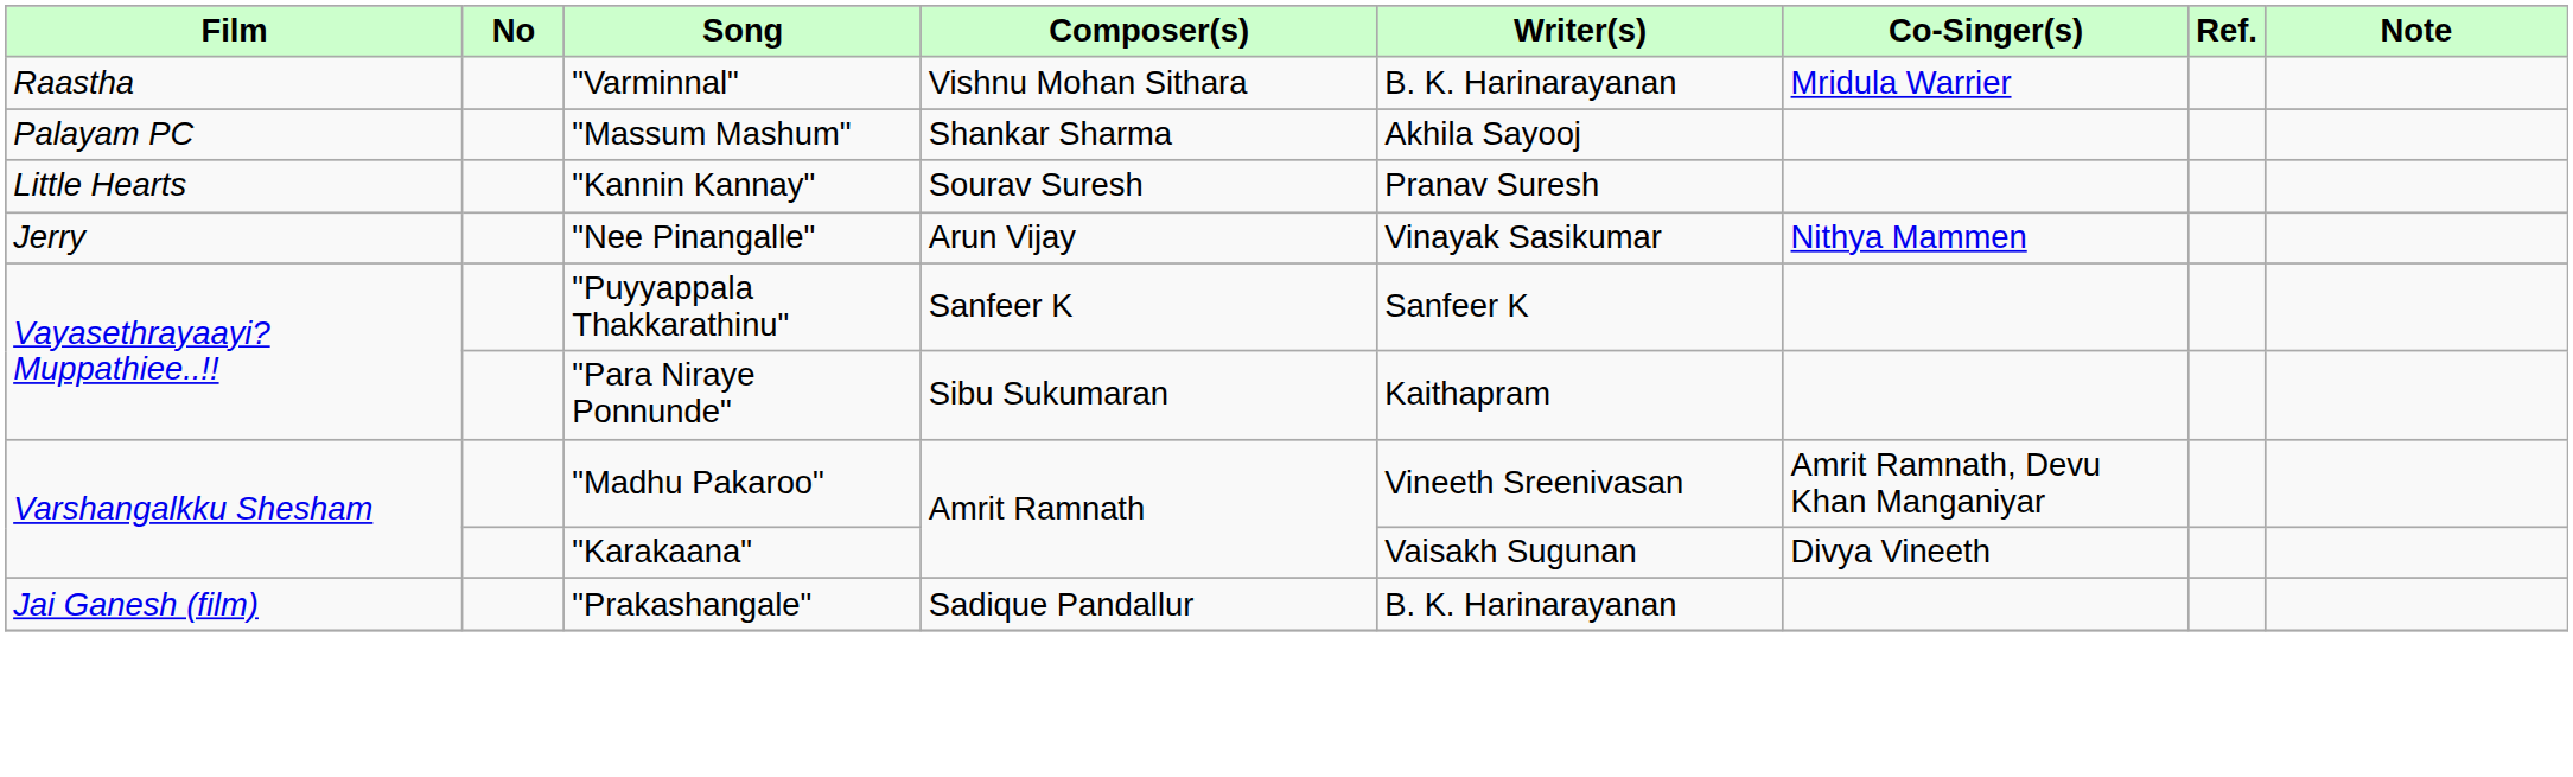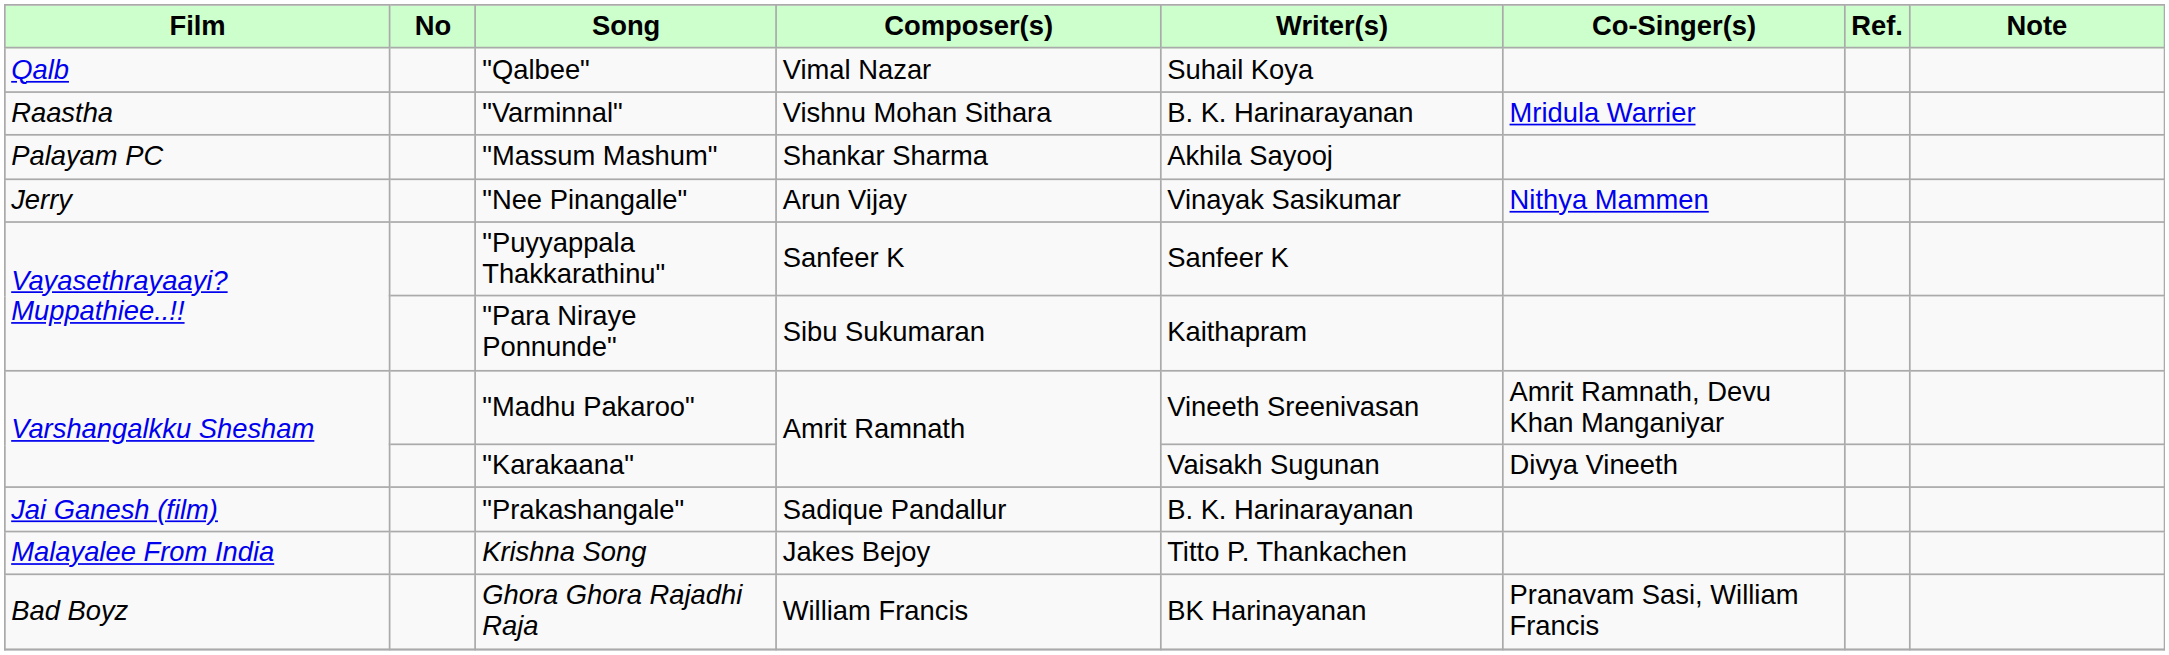 <table class="wikitable plainrowheaders" style="width:100%;" textcolor:#000;" style="align:center;">
 <tr style="background:#cfc; text-align:center;">
 <td scope="col" style="width:18%;"><strong>Film</strong></td>
 <td scope="col" style="width:4%;"><strong>No</strong></td>
 <td scope="col" style="width:14%;"><strong>Song</strong></td>
 <td scope="col" style="width:18%;"><strong>Composer(s)</strong></td>
 <td scope="col" style="width:16%;"><strong>Writer(s)</strong></td>
 <td scope="col" style="width:16%;"><strong>Co-Singer(s)</strong></td>
 <td scope="col" style="width:2%;"><strong>Ref.</strong></td>
 <td scope="col" style="width:12%;"><strong>Note</strong></td>
+</tr>
+<tr>
+<td><em><a href='#'>Qalb</a></em></td>
+<td></td>
+<td>"Qalbee"</td>
+<td>Vimal Nazar</td>
+<td>Suhail Koya</td>
+<td></td>
+<td></td>
+<td></td>
 </tr>
 <tr>
 <td><em>Raastha</em></td>
 <td></td>
 <td>"Varminnal"</td>
 <td>Vishnu Mohan Sithara</td>
 <td>B. K. Harinarayanan</td>
 <td><a href='#'>Mridula Warrier</a></td>
 <td></td>
 <td></td>
 </tr>
 <tr>
 <td><em>Palayam PC</em></td>
 <td></td>
 <td>"Massum Mashum"</td>
 <td>Shankar Sharma</td>
 <td>Akhila Sayooj</td>
-<td></td>
-<td></td>
-<td></td>
-</tr>
-<tr>
-<td><em>Little Hearts</em></td>
-<td></td>
-<td>"Kannin Kannay"</td>
-<td>Sourav Suresh</td>
-<td>Pranav Suresh</td>
 <td></td>
 <td></td>
 <td></td>
 </tr>
 <tr>
 <td><em>Jerry</em></td>
 <td></td>
 <td>"Nee Pinangalle"</td>
 <td>Arun Vijay</td>
 <td>Vinayak Sasikumar</td>
 <td><a href='#'>Nithya Mammen</a></td>
 <td></td>
 <td></td>
 </tr>
 <tr>
 <td rowspan=2><em><a href='#'>Vayasethrayaayi? Muppathiee..!!</a></em></td>
 <td></td>
 <td>"Puyyappala Thakkarathinu"</td>
 <td>Sanfeer K</td>
 <td>Sanfeer K</td>
 <td></td>
 <td></td>
 <td></td>
 </tr>
 <tr>
 <td></td>
 <td>"Para Niraye Ponnunde"</td>
 <td>Sibu Sukumaran</td>
 <td>Kaithapram</td>
 <td></td>
 <td></td>
 <td></td>
 </tr>
 <tr>
 <td rowspan="2"><em><a href='#'>Varshangalkku Shesham</a></em></td>
 <td></td>
 <td>"Madhu Pakaroo"</td>
 <td rowspan="2">Amrit Ramnath</td>
 <td>Vineeth Sreenivasan</td>
 <td>Amrit Ramnath, Devu Khan Manganiyar</td>
 <td></td>
 <td></td>
 </tr>
 <tr>
 <td></td>
 <td>"Karakaana"</td>
 <td>Vaisakh Sugunan</td>
 <td>Divya Vineeth</td>
 <td></td>
 <td></td>
 </tr>
 <tr>
 <td><em><a href='#'>Jai Ganesh (film)</a></em></td>
 <td></td>
 <td>"Prakashangale"</td>
 <td>Sadique Pandallur</td>
 <td>B. K. Harinarayanan</td>
 <td></td>
 <td></td>
 <td></td>
 </tr>
 <tr>
+<td><em><a href='#'>Malayalee From India</a></em></td>
+<td></td>
+<td><em>Krishna Song</em></td>
+<td>Jakes Bejoy</td>
+<td>Titto P. Thankachen</td>
+<td></td>
+<td></td>
+<td></td>
+</tr>
+<tr>
+<td><em>Bad Boyz</em></td>
+<td></td>
+<td><em>Ghora Ghora Rajadhi Raja</em></td>
+<td>William Francis</td>
+<td>BK Harinayanan</td>
+<td>Pranavam Sasi, William Francis</td>
+<td></td>
+<td></td>
+</tr>
+<tr>
 </tr>
 </table>
